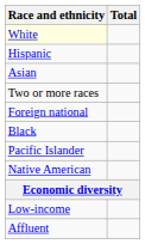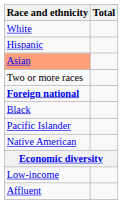 <table class="wikitable floatright sortable collapsible" ; text-align:right; font-size:80%;">
 <tr>
 <th>Race and ethnicity</th>
 <th colspan="2" data-sort-type="number">Total</th>
 </tr>
 <tr>
-<td style="background: lightyellow;"><a href='#'>White</a></td>
+<td><a href='#'>White</a></td>
 <td align=right></td>
 </tr>
 <tr>
 <td><a href='#'>Hispanic</a></td>
 <td align=right></td>
 </tr>
 <tr>
-<td><a href='#'>Asian</a></td>
+<td style="background: lightsalmon;"><a href='#'>Asian</a></td>
 <td align=right></td>
 </tr>
 <tr>
 <td>Two or more races</td>
 <td align=right></td>
 </tr>
 <tr>
-<td><a href='#'>Foreign national</a></td>
+<td><strong><a href='#'>Foreign national</a></strong></td>
 <td align=right></td>
 </tr>
 <tr>
 <td><a href='#'>Black</a></td>
 <td align=right></td>
 </tr>
 <tr>
 <td><a href='#'>Pacific Islander</a></td>
 <td align=right></td>
 </tr>
 <tr>
 <td><a href='#'>Native American</a></td>
 <td align=right></td>
 </tr>
 <tr>
 <th colspan="4" data-sort-type="number"><a href='#'>Economic diversity</a></th>
 </tr>
 <tr>
 <td><a href='#'>Low-income</a></td>
 <td align=right></td>
 </tr>
 <tr>
 <td><a href='#'>Affluent</a></td>
 <td align=right></td>
 </tr>
 </table>
